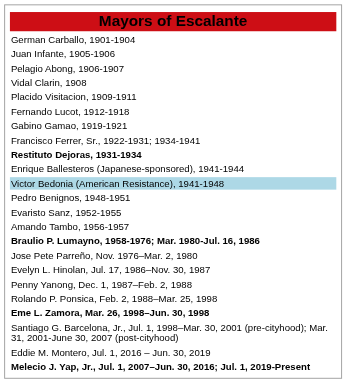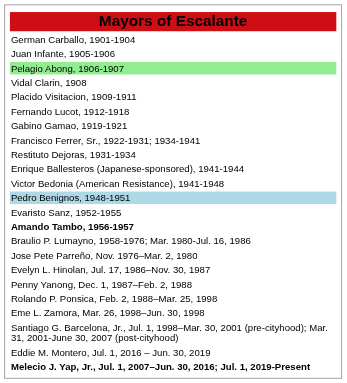 <table style="float:right; margin:1em 1em 1em 1em; width:22em; border: 1px solid #a0a0a0; padding: 3px; bg-color=yellow; text-align:right;">
 <tr style="text-align:center;">
 </tr>
 <tr bgcolor="cd0e15" align="center">
 <td><span><strong>Mayors of Escalante</strong></span></td>
 </tr>
 <tr style="text-align:left; font-size:x-small;">
 <td>German Carballo, 1901-1904</td>
 </tr>
 <tr style="text-align:left; font-size:x-small;">
 <td>Juan Infante, 1905-1906</td>
 </tr>
 <tr style="text-align:left; font-size:x-small;">
-<td>Pelagio Abong, 1906-1907</td>
+<td style="background: lightgreen;">Pelagio Abong, 1906-1907</td>
 </tr>
 <tr style="text-align:left; font-size:x-small;">
 <td>Vidal Clarin, 1908</td>
 </tr>
 <tr style="text-align:left; font-size:x-small;">
 <td>Placido Visitacion, 1909-1911</td>
 </tr>
 <tr style="text-align:left; font-size:x-small;">
 <td>Fernando Lucot, 1912-1918</td>
 </tr>
 <tr style="text-align:left; font-size:x-small;">
 <td>Gabino Gamao, 1919-1921</td>
 </tr>
 <tr style="text-align:left; font-size:x-small;">
 <td>Francisco Ferrer, Sr., 1922-1931; 1934-1941</td>
 </tr>
 <tr style="text-align:left; font-size:x-small;">
-<td><strong>Restituto Dejoras, 1931-1934</strong></td>
+<td>Restituto Dejoras, 1931-1934</td>
 </tr>
 <tr style="text-align:left; font-size:x-small;">
 <td>Enrique Ballesteros (Japanese-sponsored), 1941-1944</td>
 </tr>
 <tr style="text-align:left; font-size:x-small;">
-<td style="background: lightblue;">Victor Bedonia (American Resistance), 1941-1948</td>
+<td>Victor Bedonia (American Resistance), 1941-1948</td>
 </tr>
 <tr style="text-align:left; font-size:x-small;">
-<td>Pedro Benignos, 1948-1951</td>
+<td style="background: lightblue;">Pedro Benignos, 1948-1951</td>
 </tr>
 <tr style="text-align:left; font-size:x-small;">
 <td>Evaristo Sanz, 1952-1955</td>
 </tr>
 <tr style="text-align:left; font-size:x-small;">
-<td>Amando Tambo, 1956-1957</td>
+<td><strong>Amando Tambo, 1956-1957</strong></td>
 </tr>
 <tr style="text-align:left; font-size:x-small;">
-<td><strong>Braulio P. Lumayno, 1958-1976; Mar. 1980-Jul. 16, 1986</strong></td>
+<td>Braulio P. Lumayno, 1958-1976; Mar. 1980-Jul. 16, 1986</td>
 </tr>
 <tr style="text-align:left; font-size:x-small;">
 <td>Jose Pete Parreño, Nov. 1976–Mar. 2, 1980</td>
 </tr>
 <tr style="text-align:left; font-size:x-small;">
 <td>Evelyn L. Hinolan, Jul. 17, 1986–Nov. 30, 1987</td>
 </tr>
 <tr style="text-align:left; font-size:x-small;">
 <td>Penny Yanong, Dec. 1, 1987–Feb. 2, 1988</td>
 </tr>
 <tr style="text-align:left; font-size:x-small;">
 <td>Rolando P. Ponsica, Feb. 2, 1988–Mar. 25, 1998</td>
 </tr>
 <tr style="text-align:left; font-size:x-small;">
-<td><strong>Eme L. Zamora, Mar. 26, 1998–Jun. 30, 1998</strong></td>
+<td>Eme L. Zamora, Mar. 26, 1998–Jun. 30, 1998</td>
 </tr>
 <tr style="text-align:left; font-size:x-small;">
 <td>Santiago G. Barcelona, Jr., Jul. 1, 1998–Mar. 30, 2001 (pre-cityhood); Mar. 31, 2001-June 30, 2007 (post-cityhood)</td>
 </tr>
 <tr style="text-align:left; font-size:x-small;">
 <td>Eddie M. Montero, Jul. 1, 2016 – Jun. 30, 2019</td>
 </tr>
 <tr style="text-align:left; font-size:x-small;">
 <td><strong>Melecio J. Yap, Jr., Jul. 1, 2007–Jun. 30, 2016; Jul. 1, 2019-Present</strong></td>
 </tr>
 </table>
